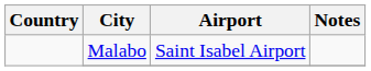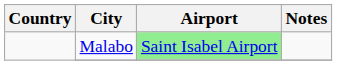 <table class="wikitable sortable">
 <tr>
 <th>Country</th>
 <th>City</th>
 <th>Airport</th>
 <th>Notes</th>
 </tr>
 <tr>
 <td rowspan="7"></td>
 <td><a href='#'>Malabo</a></td>
-<td><a href='#'>Saint Isabel Airport</a></td>
+<td style="background: lightgreen;"><a href='#'>Saint Isabel Airport</a></td>
 <td></td>
 </tr>
 <tr>
 </tr>
 </table>
